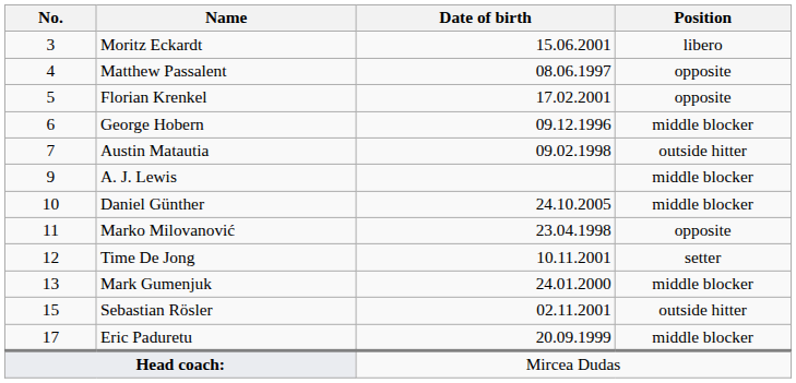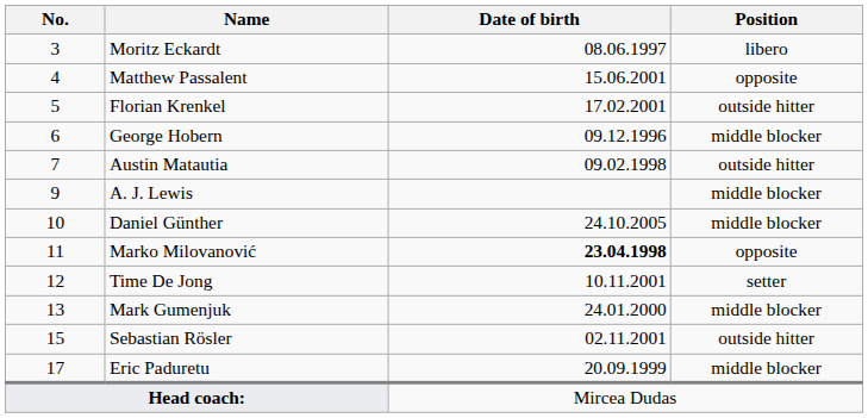 <table class="wikitable sortable" style="font-size:100%; text-align:center;">
 <tr>
 <th style="width:5em">No.</th>
 <th style="width:15em">Name</th>
 <th style="width:15em">Date of birth</th>
 <th style="width:10em">Position</th>
 </tr>
 <tr>
 <td>3</td>
 <td align="left"> Moritz Eckardt</td>
-<td align=right>15.06.2001</td>
+<td align=right>08.06.1997</td>
 <td>libero</td>
 </tr>
 <tr>
 <td>4</td>
 <td align="left"> Matthew Passalent</td>
-<td align=right>08.06.1997</td>
+<td align=right>15.06.2001</td>
 <td>opposite</td>
 </tr>
 <tr>
 <td>5</td>
 <td align=left> Florian Krenkel</td>
 <td align="right">17.02.2001</td>
-<td>opposite</td>
+<td>outside hitter</td>
 </tr>
 <tr>
 <td>6</td>
 <td align=left> George Hobern</td>
 <td align="right">09.12.1996</td>
 <td>middle blocker</td>
 </tr>
 <tr>
 <td>7</td>
 <td align=left> Austin Matautia</td>
 <td align=right>09.02.1998</td>
 <td>outside hitter</td>
 </tr>
 <tr>
 <td>9</td>
 <td align=left> A. J. Lewis</td>
 <td align=right></td>
 <td>middle blocker</td>
 </tr>
 <tr>
 <td>10</td>
 <td align=left> Daniel Günther</td>
 <td align="right">24.10.2005</td>
 <td>middle blocker</td>
 </tr>
 <tr>
 <td>11</td>
 <td align="left"> Marko Milovanović</td>
-<td align="right">23.04.1998</td>
+<td align="right"><strong>23.04.1998</strong></td>
 <td>opposite</td>
 </tr>
 <tr>
 <td>12</td>
 <td align="left"> Time De Jong</td>
 <td align=right>10.11.2001</td>
 <td>setter</td>
 </tr>
 <tr>
 <td>13</td>
 <td align="left"> Mark Gumenjuk</td>
 <td align="right">24.01.2000</td>
 <td>middle blocker</td>
 </tr>
 <tr>
 <td>15</td>
 <td align="left"> Sebastian Rösler</td>
 <td align=right>02.11.2001</td>
 <td>outside hitter</td>
 </tr>
 <tr>
 <td>17</td>
 <td align="left"> Eric Paduretu</td>
 <td align="right">20.09.1999</td>
 <td>middle blocker</td>
 </tr>
 <tr>
 </tr>
 <tr class="sortbottom" style="border-top: 3px solid grey">
 <td colspan=2 style="background:#EAECF0"><strong>Head coach:</strong></td>
 <td colspan=3> Mircea Dudas</td>
 </tr>
 </table>
